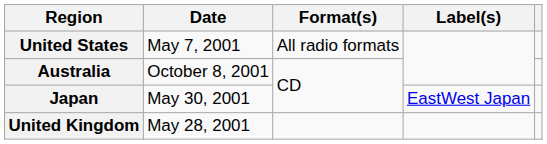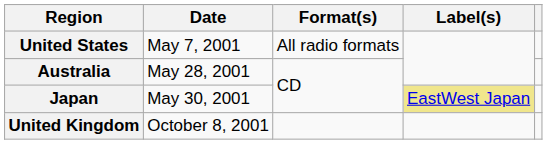 <table class="wikitable plainrowheaders">
 <tr>
 <th scope="col">Region</th>
 <th scope="col">Date</th>
 <th scope="col">Format(s)</th>
 <th scope="col">Label(s)</th>
 <th scope="col"></th>
 </tr>
 <tr>
 <th scope="row">United States</th>
 <td>May 7, 2001</td>
 <td>All radio formats</td>
 <td rowspan="2"></td>
 <td></td>
 </tr>
 <tr>
 <th scope="row">Australia</th>
-<td>October 8, 2001</td>
+<td>May 28, 2001</td>
 <td rowspan="2">CD</td>
 <td></td>
 </tr>
 <tr>
 <th scope="row">Japan</th>
 <td>May 30, 2001</td>
-<td><a href='#'>EastWest Japan</a></td>
+<td style="background: khaki;"><a href='#'>EastWest Japan</a></td>
 <td></td>
 </tr>
 <tr>
 <th scope="row">United Kingdom</th>
-<td>May 28, 2001</td>
+<td>October 8, 2001</td>
 <td></td>
 <td></td>
 <td></td>
 </tr>
 </table>
